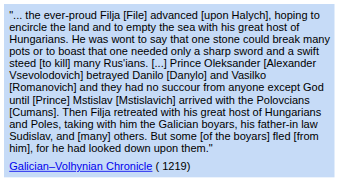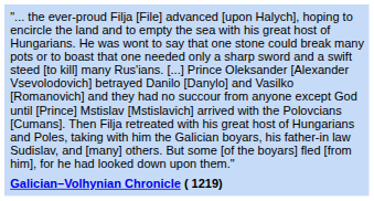 <table class="toccolours" style="float: right; margin-left: 2em; margin-right: 1em; font-size: 85%; background:#c6dbf7; color:black; width:30em; max-width: 40%;" cellspacing="5">
 <tr>
 <td style="text-align: left;">"... the ever-proud Filja [File] advanced [upon Halych], hoping to encircle the land and to empty the sea with his great host of Hungarians. He was wont to say that one stone could break many pots or to boast that one needed only a sharp sword and a swift steed [to kill] many Rus'ians. [...] Prince Oleksander [Alexander Vsevolodovich] betrayed Danilo [Danylo] and Vasilko [Romanovich] and they had no succour from anyone except God until [Prince] Mstislav [Mstislavich] arrived with the Polovcians [Cumans]. Then Filja retreated with his great host of Hungarians and Poles, taking with him the Galician boyars, his father-in law Sudislav, and [many] others. But some [of the boyars] fled [from him], for he had looked down upon them."</td>
 </tr>
 <tr>
-<td style="text-align: left;"><a href='#'>Galician–Volhynian Chronicle</a> ( 1219)</td>
+<td style="text-align: left;"><strong><a href='#'>Galician–Volhynian Chronicle</a> ( 1219)</strong></td>
 </tr>
 </table>
